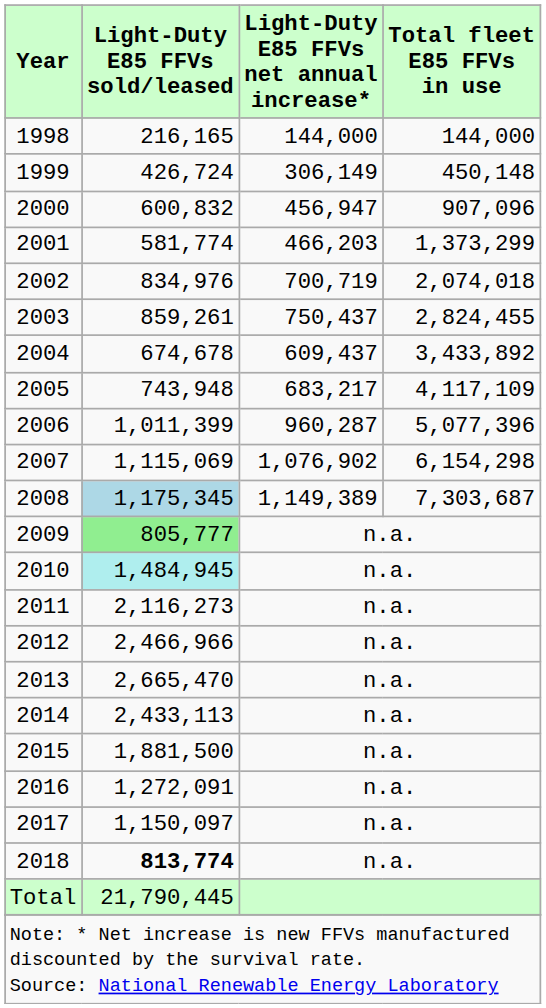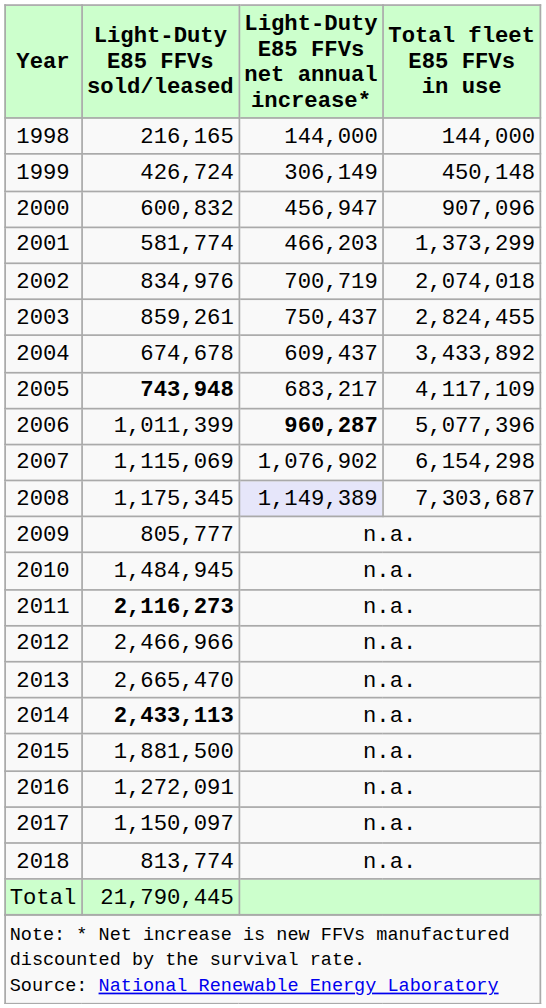 <table class="wikitable" style="float:right;">
 <tr>
 <th style="background:#cfc;">Year</th>
 <th style="background:#cfc;">Light-Duty<br>E85 FFVs <br> sold/leased</th>
 <th style="background:#cfc;">Light-Duty<br>E85 FFVs <br> net annual<br>increase* <br></th>
 <th style="background:#cfc;">Total fleet<br>E85 FFVs<br>in use</th>
 </tr>
 <tr style="text-align:right;">
 <td style="text-align:center;">1998</td>
 <td>216,165</td>
 <td>144,000</td>
 <td>144,000</td>
 </tr>
 <tr style="text-align:right;">
 <td style="text-align:center;">1999</td>
 <td>426,724</td>
 <td>306,149</td>
 <td>450,148</td>
 </tr>
 <tr style="text-align:right;">
 <td style="text-align:center;">2000</td>
 <td>600,832</td>
 <td>456,947</td>
 <td>907,096</td>
 </tr>
 <tr style="text-align:right;">
 <td style="text-align:center;">2001</td>
 <td>581,774</td>
 <td>466,203</td>
 <td>1,373,299</td>
 </tr>
 <tr style="text-align:right;">
 <td style="text-align:center;">2002</td>
 <td>834,976</td>
 <td>700,719</td>
 <td>2,074,018</td>
 </tr>
 <tr style="text-align:right;">
 <td style="text-align:center;">2003</td>
 <td>859,261</td>
 <td>750,437</td>
 <td>2,824,455</td>
 </tr>
 <tr style="text-align:right;">
 <td style="text-align:center;">2004</td>
 <td>674,678</td>
 <td>609,437</td>
 <td>3,433,892</td>
 </tr>
 <tr style="text-align:right;">
 <td style="text-align:center;">2005</td>
-<td>743,948</td>
+<td><strong>743,948</strong></td>
 <td>683,217</td>
 <td>4,117,109</td>
 </tr>
 <tr style="text-align:right;">
 <td style="text-align:center;">2006</td>
 <td>1,011,399</td>
-<td>960,287</td>
+<td><strong>960,287</strong></td>
 <td>5,077,396</td>
 </tr>
 <tr style="text-align:right;">
 <td style="text-align:center;">2007</td>
 <td>1,115,069</td>
 <td>1,076,902</td>
 <td>6,154,298</td>
 </tr>
 <tr style="text-align:right;">
 <td style="text-align:center;">2008</td>
-<td style="background: lightblue;">1,175,345</td>
-<td>1,149,389</td>
+<td>1,175,345</td>
+<td style="background: lavender;">1,149,389</td>
 <td>7,303,687</td>
 </tr>
 <tr style="text-align:right;">
 <td style="text-align:center;">2009</td>
-<td style="background: lightgreen;">805,777</td>
+<td>805,777</td>
 <td colspan="2" style="text-align:center;">n.a.</td>
 </tr>
 <tr style="text-align:right;">
 <td style="text-align:center;">2010</td>
-<td style="background: paleturquoise;">1,484,945</td>
+<td>1,484,945</td>
 <td colspan="2" style="text-align:center;">n.a.</td>
 </tr>
 <tr style="text-align:right;">
 <td style="text-align:center;">2011</td>
-<td>2,116,273</td>
+<td><strong>2,116,273</strong></td>
 <td colspan="2" style="text-align:center;">n.a.</td>
 </tr>
 <tr style="text-align:right;">
 <td style="text-align:center;">2012</td>
 <td>2,466,966</td>
 <td colspan="2" style="text-align:center;">n.a.</td>
 </tr>
 <tr style="text-align:right;">
 <td style="text-align:center;">2013</td>
 <td>2,665,470</td>
 <td colspan="2" style="text-align:center;">n.a.</td>
 </tr>
 <tr style="text-align:right;">
 <td style="text-align:center;">2014</td>
-<td>2,433,113</td>
+<td><strong>2,433,113</strong></td>
 <td colspan="2" style="text-align:center;">n.a.</td>
 </tr>
 <tr style="text-align:right;">
 <td style="text-align:center;">2015</td>
 <td>1,881,500</td>
 <td colspan="2" style="text-align:center;">n.a.</td>
 </tr>
 <tr style="text-align:right;">
 <td style="text-align:center;">2016</td>
 <td>1,272,091</td>
 <td colspan="2" style="text-align:center;">n.a.</td>
 </tr>
 <tr style="text-align:right;">
 <td style="text-align:center;">2017</td>
 <td>1,150,097</td>
 <td colspan="2" style="text-align:center;">n.a.</td>
 </tr>
 <tr style="text-align:right;">
 <td style="text-align:center;">2018</td>
-<td><strong>813,774</strong></td>
+<td>813,774</td>
 <td colspan="2" style="text-align:center;">n.a.</td>
 </tr>
 <tr style="text-align:right; background:#cfc;">
 <td style="text-align:center; ">Total</td>
 <td style="background:#cfc;">21,790,445</td>
 <td style="background:#cfc;" colspan="2"></td>
 </tr>
 <tr>
 </tr>
 <tr>
 <td colspan="4"><small>Note: * Net increase is new FFVs manufactured<br> discounted by the survival rate.<br> Source: <a href='#'>National Renewable Energy Laboratory</a> </small></td>
 </tr>
 </table>
